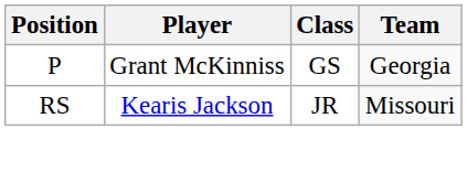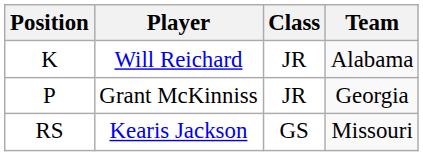 <table class="wikitable sortable">
 <tr>
 <th>Position</th>
 <th>Player</th>
 <th>Class</th>
 <th>Team</th>
 </tr>
 <tr style="text-align:center;">
+<td style="background:white">K</td>
+<td style="background:white"><a href='#'>Will Reichard</a></td>
+<td style="background:white">JR</td>
+<td>Alabama</td>
+</tr>
+<tr style="text-align:center;">
 <td style="background:white">P</td>
 <td style="background:white">Grant McKinniss</td>
-<td style="background:white">GS</td>
+<td style="background:white">JR</td>
 <td>Georgia</td>
 </tr>
 <tr style="text-align:center;">
 <td style="background:white">RS</td>
 <td style="background:white"><a href='#'>Kearis Jackson</a></td>
-<td style="background:white">JR</td>
+<td style="background:white">GS</td>
 <td>Missouri</td>
 </tr>
 </table>
